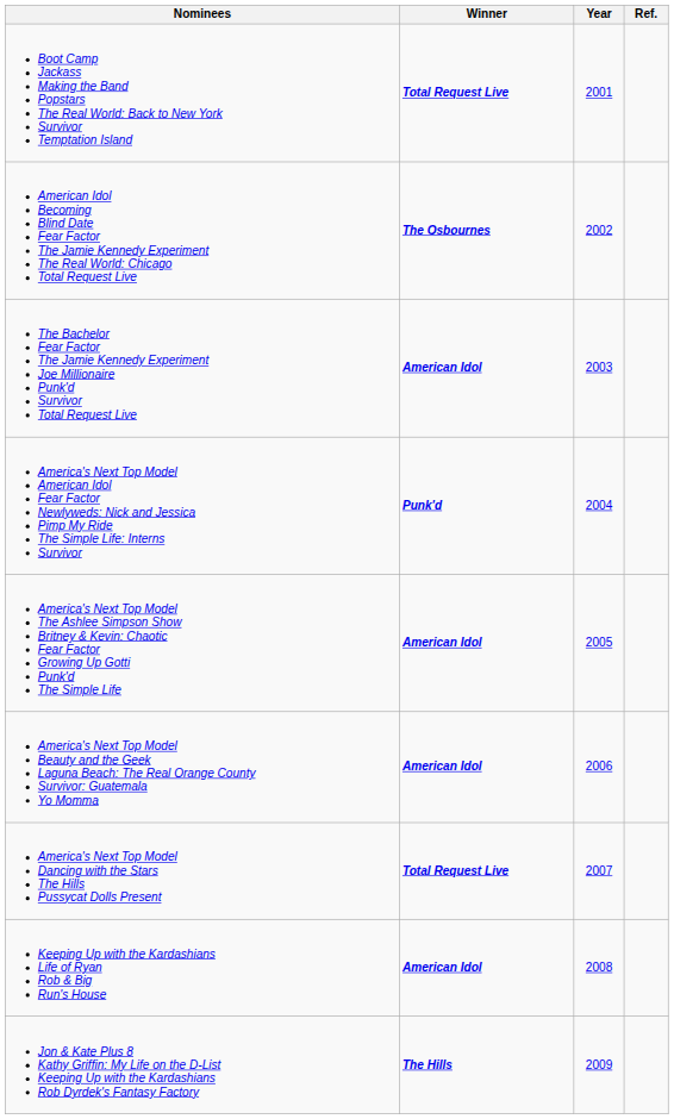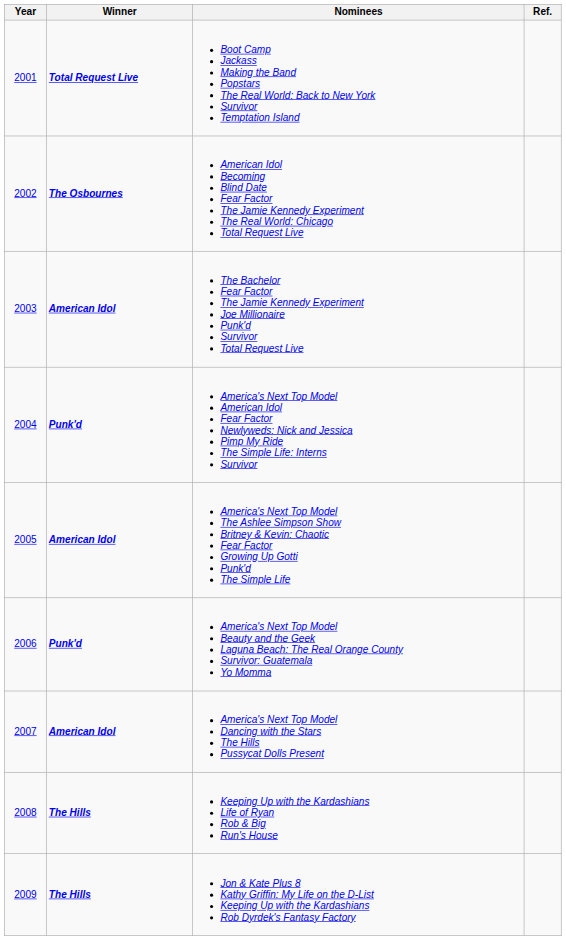 <table class="wikitable" width=70%>
 <tr>
+<th>Year</th>
+<th>Winner</th>
 <th>Nominees</th>
-<th>Winner</th>
-<th>Year</th>
 <th>Ref.</th>
 </tr>
 <tr>
+<td align="center"><a href='#'>2001</a></td>
+<td><strong><em><a href='#'>Total Request Live</a></em></strong></td>
 <td><br><ul><li><em><a href='#'>Boot Camp</a></em></li><li><em><a href='#'>Jackass</a></em></li><li><em><a href='#'>Making the Band</a></em></li><li><em><a href='#'>Popstars</a></em></li><li><em><a href='#'>The Real World: Back to New York</a></em></li><li><em><a href='#'>Survivor</a></em></li><li><em><a href='#'>Temptation Island</a></em></li></ul></td>
-<td><strong><em><a href='#'>Total Request Live</a></em></strong></td>
-<td align="center"><a href='#'>2001</a></td>
 <td align="center"></td>
 </tr>
 <tr>
+<td align="center"><a href='#'>2002</a></td>
+<td><strong><em><a href='#'>The Osbournes</a></em></strong></td>
 <td><br><ul><li><em><a href='#'>American Idol</a></em></li><li><em><a href='#'>Becoming</a></em></li><li><em><a href='#'>Blind Date</a></em></li><li><em><a href='#'>Fear Factor</a></em></li><li><em><a href='#'>The Jamie Kennedy Experiment</a></em></li><li><em><a href='#'>The Real World: Chicago</a></em></li><li><em><a href='#'>Total Request Live</a></em></li></ul></td>
-<td><strong><em><a href='#'>The Osbournes</a></em></strong></td>
-<td align="center"><a href='#'>2002</a></td>
 <td align="center"></td>
 </tr>
 <tr>
+<td align="center"><a href='#'>2003</a></td>
+<td><strong><em><a href='#'>American Idol</a></em></strong></td>
 <td><br><ul><li><em><a href='#'>The Bachelor</a></em></li><li><em><a href='#'>Fear Factor</a></em></li><li><em><a href='#'>The Jamie Kennedy Experiment</a></em></li><li><em><a href='#'>Joe Millionaire</a></em></li><li><em><a href='#'>Punk'd</a></em></li><li><em><a href='#'>Survivor</a></em></li><li><em><a href='#'>Total Request Live</a></em></li></ul></td>
-<td><strong><em><a href='#'>American Idol</a></em></strong></td>
-<td align="center"><a href='#'>2003</a></td>
 <td align="center"></td>
 </tr>
 <tr>
+<td align="center"><a href='#'>2004</a></td>
+<td><strong><em><a href='#'>Punk'd</a></em></strong></td>
 <td><br><ul><li><em><a href='#'>America's Next Top Model</a></em></li><li><em><a href='#'>American Idol</a></em></li><li><em><a href='#'>Fear Factor</a></em></li><li><em><a href='#'>Newlyweds: Nick and Jessica</a></em></li><li><em><a href='#'>Pimp My Ride</a></em></li><li><em><a href='#'>The Simple Life: Interns</a></em></li><li><em><a href='#'>Survivor</a></em></li></ul></td>
-<td><strong><em><a href='#'>Punk'd</a></em></strong></td>
-<td align="center"><a href='#'>2004</a></td>
 <td align="center"></td>
 </tr>
 <tr>
+<td align="center"><a href='#'>2005</a></td>
+<td><strong><em><a href='#'>American Idol</a></em></strong></td>
 <td><br><ul><li><em><a href='#'>America's Next Top Model</a></em></li><li><em><a href='#'>The Ashlee Simpson Show</a></em></li><li><em><a href='#'>Britney & Kevin: Chaotic</a></em></li><li><em><a href='#'>Fear Factor</a></em></li><li><em><a href='#'>Growing Up Gotti</a></em></li><li><em><a href='#'>Punk'd</a></em></li><li><em><a href='#'>The Simple Life</a></em></li></ul></td>
-<td><strong><em><a href='#'>American Idol</a></em></strong></td>
-<td align="center"><a href='#'>2005</a></td>
 <td align="center"></td>
 </tr>
 <tr>
+<td align="center"><a href='#'>2006</a></td>
+<td><strong><em><a href='#'>Punk'd</a></em></strong></td>
 <td><br><ul><li><em><a href='#'>America's Next Top Model</a></em></li><li><em><a href='#'>Beauty and the Geek</a></em></li><li><em><a href='#'>Laguna Beach: The Real Orange County</a></em></li><li><em><a href='#'>Survivor: Guatemala</a></em></li><li><em><a href='#'>Yo Momma</a></em></li></ul></td>
-<td><strong><em><a href='#'>American Idol</a></em></strong></td>
-<td align="center"><a href='#'>2006</a></td>
 <td align="center"></td>
 </tr>
 <tr>
+<td align="center"><a href='#'>2007</a></td>
+<td><strong><em><a href='#'>American Idol</a></em></strong></td>
 <td><br><ul><li><em><a href='#'>America's Next Top Model</a></em></li><li><em><a href='#'>Dancing with the Stars</a></em></li><li><em><a href='#'>The Hills</a></em></li><li><em><a href='#'>Pussycat Dolls Present</a></em></li></ul></td>
-<td><strong><em><a href='#'>Total Request Live</a></em></strong></td>
-<td align="center"><a href='#'>2007</a></td>
 <td align="center"></td>
 </tr>
 <tr>
+<td align="center"><a href='#'>2008</a></td>
+<td><strong><em><a href='#'>The Hills</a></em></strong></td>
 <td><br><ul><li><em><a href='#'>Keeping Up with the Kardashians</a></em></li><li><em><a href='#'>Life of Ryan</a></em></li><li><em><a href='#'>Rob & Big</a></em></li><li><em><a href='#'>Run's House</a></em></li></ul></td>
-<td><strong><em><a href='#'>American Idol</a></em></strong></td>
-<td align="center"><a href='#'>2008</a></td>
 <td align="center"></td>
 </tr>
 <tr>
+<td align="center"><a href='#'>2009</a></td>
+<td><strong><em><a href='#'>The Hills</a></em></strong></td>
 <td><br><ul><li><em><a href='#'>Jon & Kate Plus 8</a></em></li><li><em><a href='#'>Kathy Griffin: My Life on the D-List</a></em></li><li><em><a href='#'>Keeping Up with the Kardashians</a></em></li><li><em><a href='#'>Rob Dyrdek's Fantasy Factory</a></em></li></ul></td>
-<td><strong><em><a href='#'>The Hills</a></em></strong></td>
-<td align="center"><a href='#'>2009</a></td>
 <td align="center"></td>
 </tr>
 </table>
